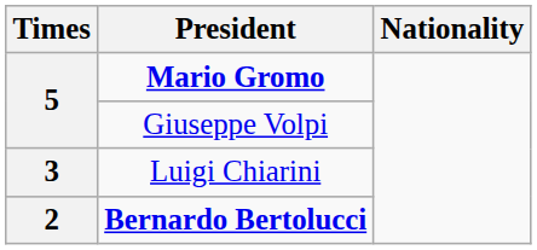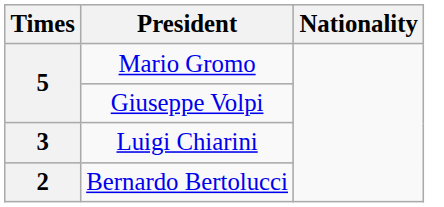 <table class="wikitable" style="text-align:center;">
 <tr>
 <th scope="col">Times</th>
 <th scope="col">President</th>
 <th scope="col">Nationality</th>
 </tr>
 <tr>
 <th rowspan="2">5</th>
-<td><strong><a href='#'>Mario Gromo</a></strong></td>
+<td><a href='#'>Mario Gromo</a></td>
 <td rowspan="4"></td>
 </tr>
 <tr>
 <td><a href='#'>Giuseppe Volpi</a></td>
 </tr>
 <tr>
 <th>3</th>
 <td><a href='#'>Luigi Chiarini</a></td>
 </tr>
 <tr>
 <th>2</th>
-<td><strong><a href='#'>Bernardo Bertolucci</a></strong></td>
+<td><a href='#'>Bernardo Bertolucci</a></td>
 </tr>
 </table>
